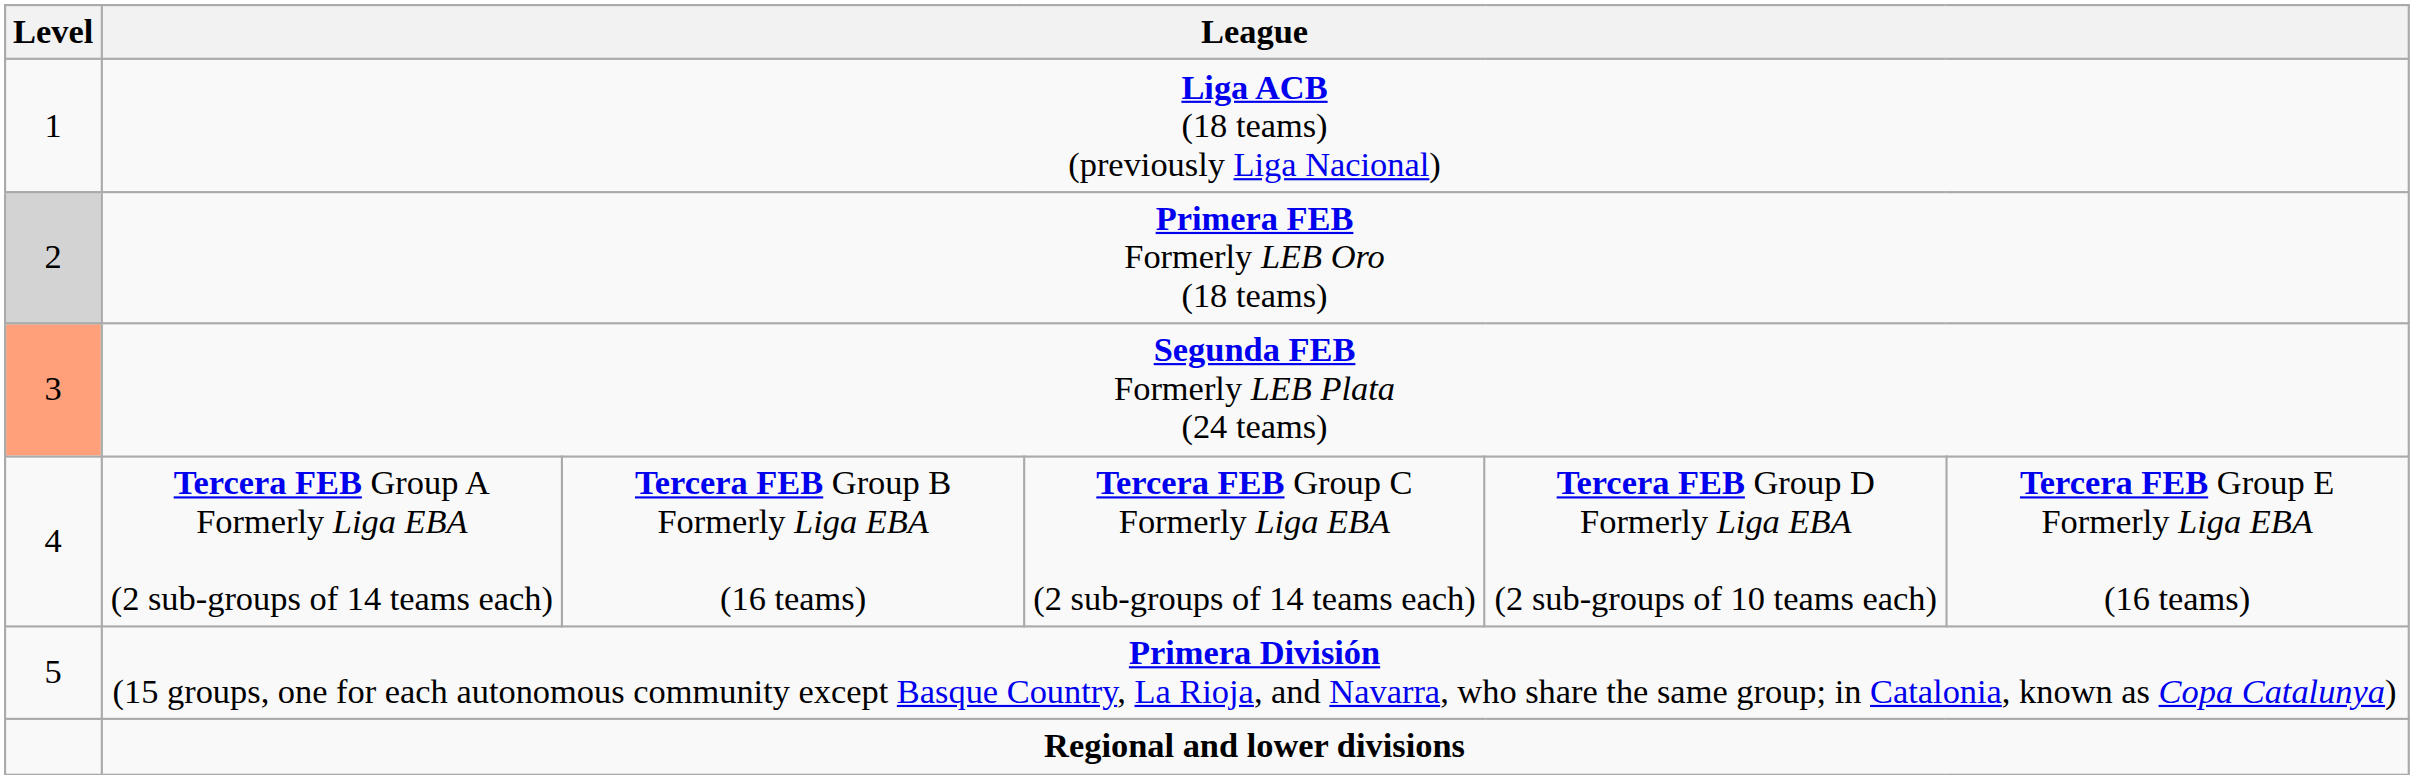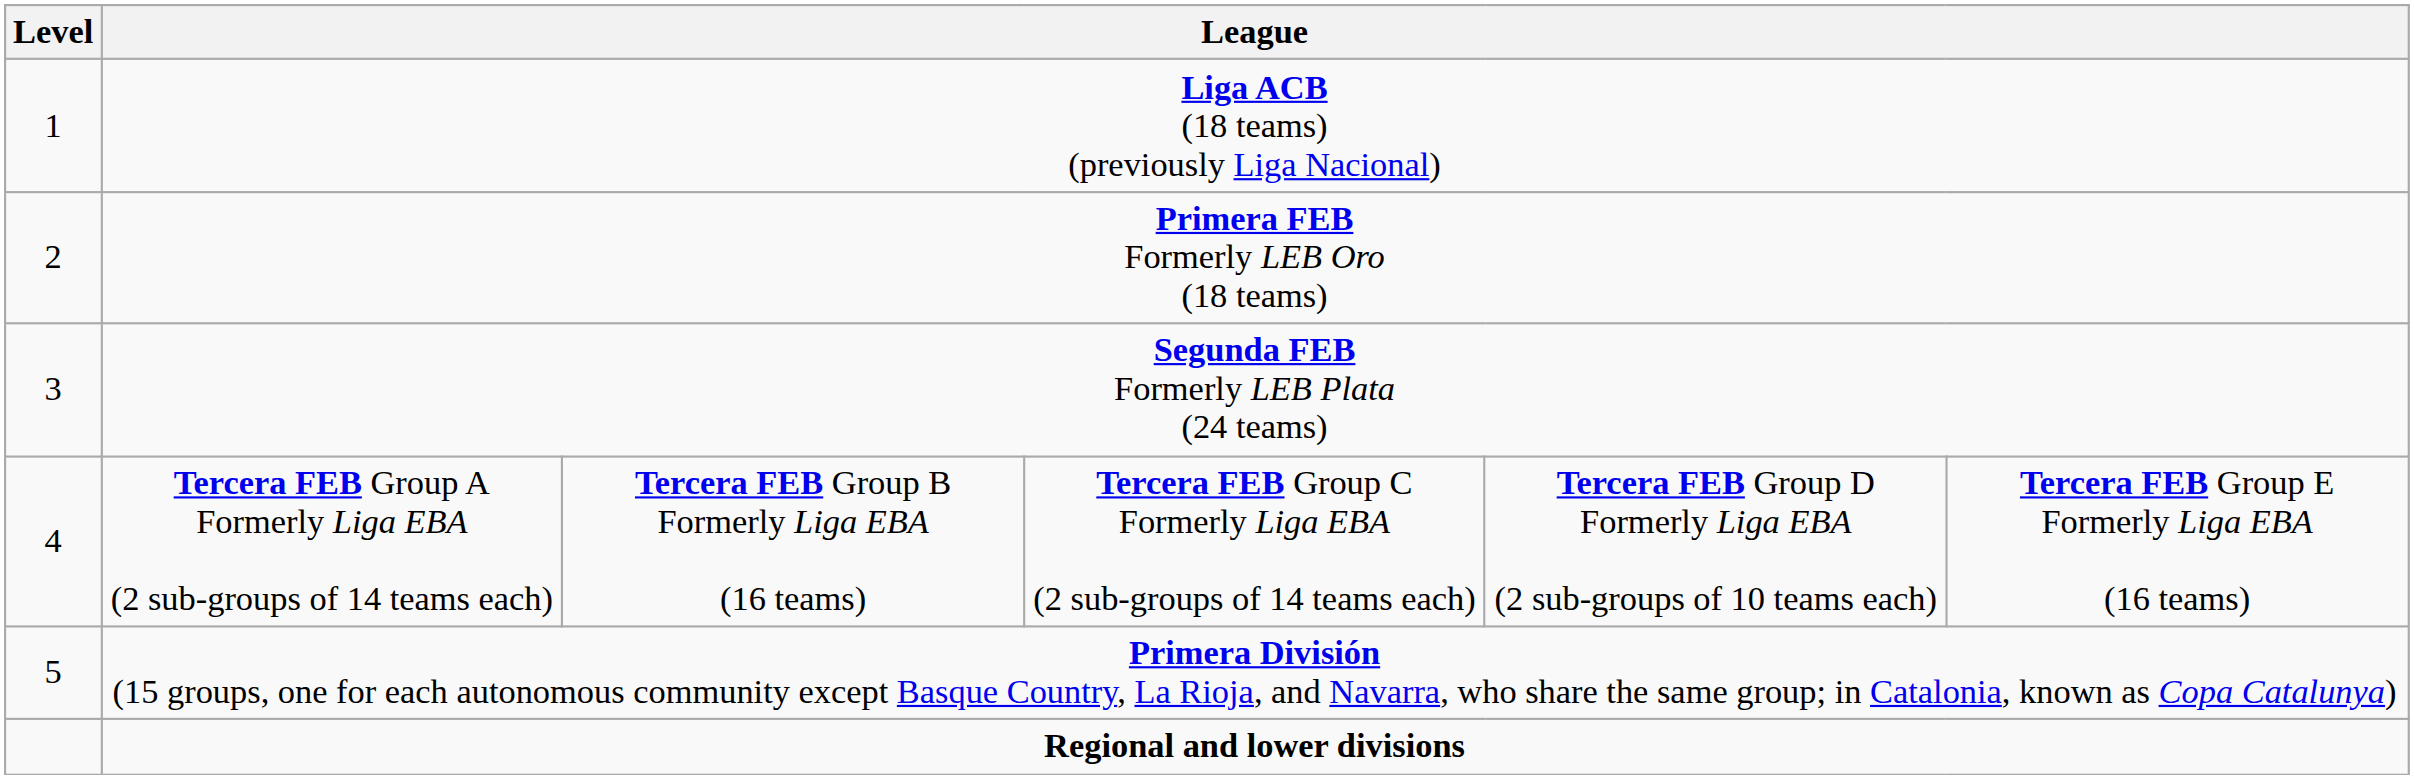 <table class="wikitable" style="text-align: center;">
 <tr south>
 <th width="4%">Level</th>
 <th colspan=5 width="96%">League</th>
 </tr>
 <tr>
 <td width="4%">1</td>
 <td width="96%" colspan=5><strong><a href='#'>Liga ACB</a></strong><br>(18 teams)<br>(previously <a href='#'>Liga Nacional</a>)</td>
 </tr>
 <tr>
-<td width="4%" style="background: lightgrey;">2</td>
+<td width="4%">2</td>
 <td width="96%" colspan=5><strong><a href='#'>Primera FEB</a></strong><br>Formerly <em>LEB Oro</em><br>(18 teams)</td>
 </tr>
 <tr>
-<td width="4%" style="background: lightsalmon;">3</td>
+<td width="4%">3</td>
 <td width="96%" colspan=5><strong><a href='#'>Segunda FEB</a></strong><br>Formerly <em>LEB Plata</em><br>(24 teams)</td>
 </tr>
 <tr>
 <td width="4%">4</td>
 <td width="19.2%"><strong><a href='#'>Tercera FEB</a></strong> Group A<br>Formerly <em>Liga EBA</em><br>      <br>(2 sub-groups of 14 teams each)</td>
 <td width="19.2%"><strong><a href='#'>Tercera FEB</a></strong> Group B<br>Formerly <em>Liga EBA</em><br>  <br>(16 teams)</td>
 <td width="19.2%"><strong><a href='#'>Tercera FEB</a></strong> Group C<br>Formerly <em>Liga EBA</em><br>  <br>(2 sub-groups of 14 teams each)</td>
 <td width="19.2%"><strong><a href='#'>Tercera FEB</a></strong> Group D<br>Formerly <em>Liga EBA</em><br>   <br>(2 sub-groups of 10 teams each)</td>
 <td width="19.2%"><strong><a href='#'>Tercera FEB</a></strong> Group E<br>Formerly <em>Liga EBA</em><br> <br>(16 teams)</td>
 </tr>
 <tr>
 <td width="4%">5</td>
 <td colspan=5 width="96%"><strong><a href='#'>Primera División</a></strong><br>(15 groups, one for each autonomous community except <a href='#'>Basque Country</a>, <a href='#'>La Rioja</a>, and <a href='#'>Navarra</a>, who share the same group; in <a href='#'>Catalonia</a>, known as <em><a href='#'>Copa Catalunya</a></em>)</td>
 </tr>
 <tr>
 <td width="4%"></td>
 <td colspan=5 width="96%"><strong>Regional and lower divisions</strong></td>
 </tr>
 </table>
